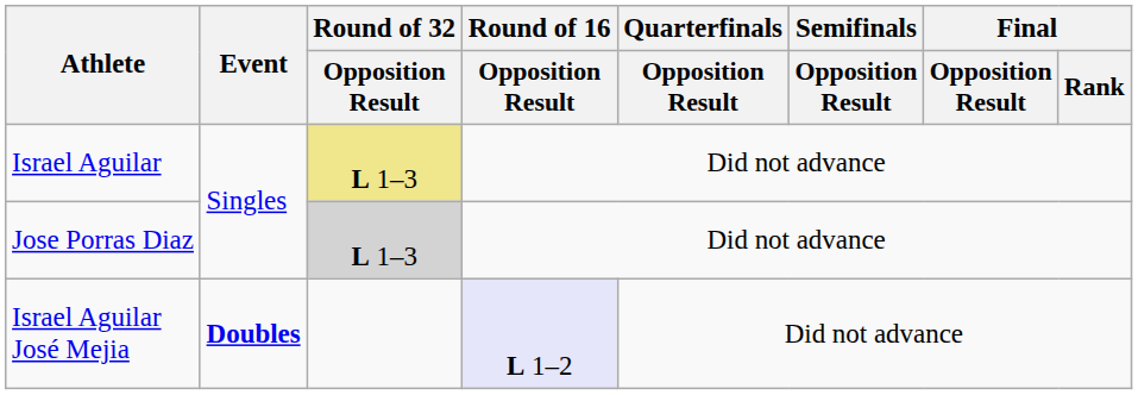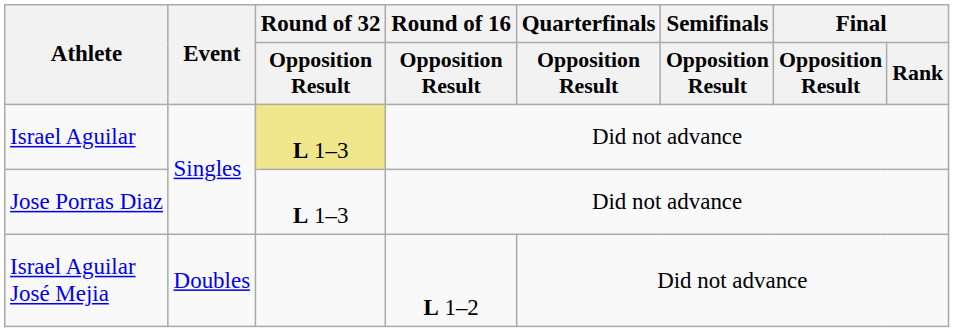 <table class="wikitable" style="font-size:95%">
 <tr>
 <th rowspan=2>Athlete</th>
 <th rowspan=2>Event</th>
 <th>Round of 32</th>
 <th>Round of 16</th>
 <th>Quarterfinals</th>
 <th>Semifinals</th>
 <th colspan=2>Final</th>
 </tr>
 <tr style="font-size:95%">
 <th>Opposition<br>Result</th>
 <th>Opposition<br>Result</th>
 <th>Opposition<br>Result</th>
 <th>Opposition<br>Result</th>
 <th>Opposition<br>Result</th>
 <th>Rank</th>
 </tr>
 <tr align=center>
 <td align=left><a href='#'>Israel Aguilar</a></td>
 <td align=left rowspan=2><a href='#'>Singles</a></td>
 <td style="background: khaki;"><br><strong>L</strong> 1–3</td>
 <td colspan=5>Did not advance</td>
 </tr>
 <tr align=center>
 <td align=left><a href='#'>Jose Porras Diaz</a></td>
-<td style="background: lightgrey;"><br><strong>L</strong> 1–3</td>
+<td><br><strong>L</strong> 1–3</td>
 <td colspan=5>Did not advance</td>
 </tr>
 <tr align=center>
 <td align=left><a href='#'>Israel Aguilar</a><br><a href='#'>José Mejia</a></td>
-<td align=left><strong><a href='#'>Doubles</a></strong></td>
+<td align=left><a href='#'>Doubles</a></td>
 <td></td>
-<td style="background: lavender;"><br><br><strong>L</strong> 1–2</td>
+<td><br><br><strong>L</strong> 1–2</td>
 <td colspan=4>Did not advance</td>
 </tr>
 </table>
